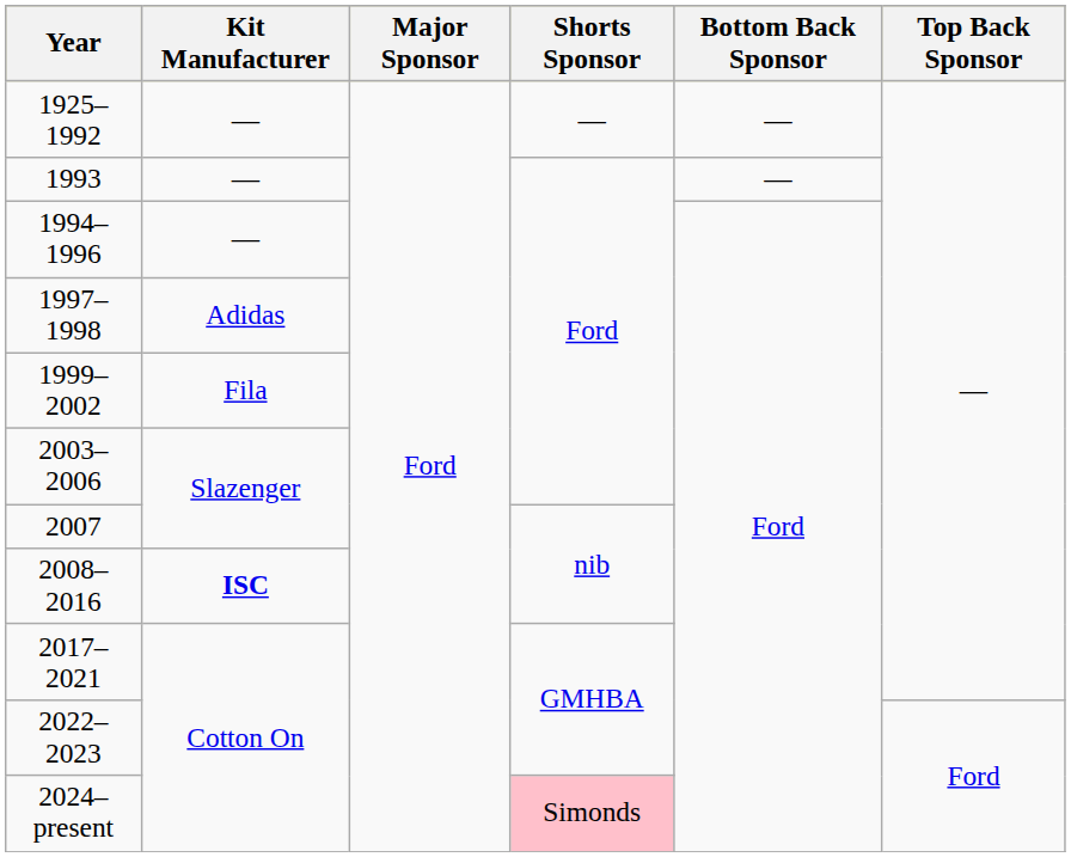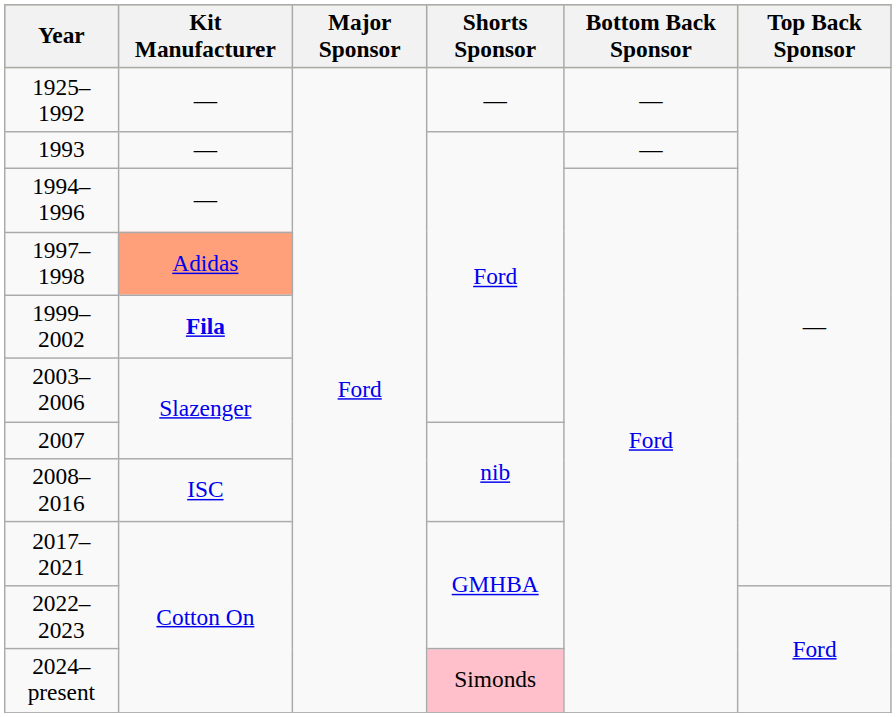 <table class="wikitable sortable" style="text-align:center">
 <tr style="background:#bdb76b;">
 <th>Year</th>
 <th>Kit Manufacturer</th>
 <th>Major Sponsor</th>
 <th>Shorts Sponsor</th>
 <th>Bottom Back Sponsor</th>
 <th>Top Back Sponsor</th>
 </tr>
 <tr>
 <td>1925–1992</td>
 <td>—</td>
 <td rowspan="11"><a href='#'>Ford</a></td>
 <td>—</td>
 <td>—</td>
 <td rowspan="9">—</td>
 </tr>
 <tr>
 <td>1993</td>
 <td>—</td>
 <td rowspan="5"><a href='#'>Ford</a></td>
 <td>—</td>
 </tr>
 <tr>
 <td>1994–1996</td>
 <td>—</td>
 <td rowspan="9"><a href='#'>Ford</a></td>
 </tr>
 <tr>
 <td>1997–1998</td>
-<td><a href='#'>Adidas</a></td>
+<td style="background: lightsalmon;"><a href='#'>Adidas</a></td>
 </tr>
 <tr>
 <td>1999–2002</td>
-<td><a href='#'>Fila</a></td>
+<td><strong><a href='#'>Fila</a></strong></td>
 </tr>
 <tr>
 <td>2003–2006</td>
 <td rowspan="2"><a href='#'>Slazenger</a></td>
 </tr>
 <tr>
 <td>2007</td>
 <td rowspan=2><a href='#'>nib</a></td>
 </tr>
 <tr>
 <td>2008–2016</td>
-<td><strong><a href='#'>ISC</a></strong></td>
+<td><a href='#'>ISC</a></td>
 </tr>
 <tr>
 <td>2017–2021</td>
 <td rowspan="3"><a href='#'>Cotton On</a></td>
 <td rowspan="2"><a href='#'>GMHBA</a></td>
 </tr>
 <tr>
 <td>2022–2023</td>
 <td rowspan="2"><a href='#'>Ford</a></td>
 </tr>
 <tr>
 <td>2024–present</td>
 <td style="background: pink;">Simonds</td>
 </tr>
 </table>
